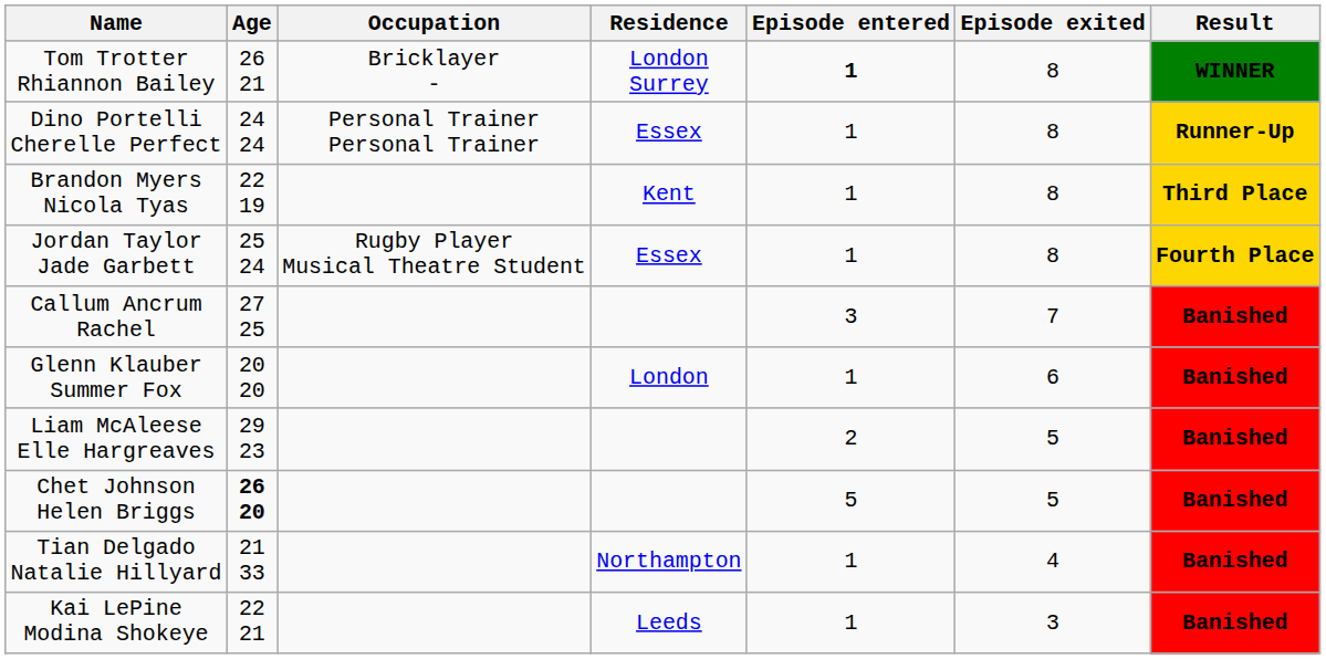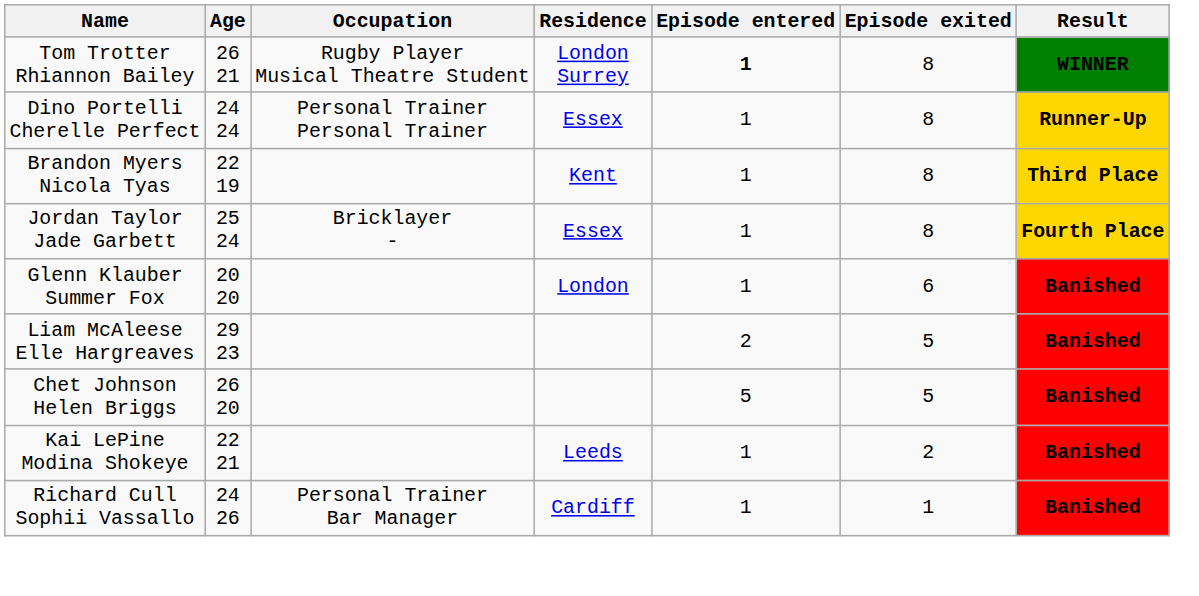 <table class="wikitable sortable" style="text-align:center;">
 <tr>
 <th>Name</th>
 <th>Age</th>
 <th>Occupation</th>
 <th>Residence</th>
 <th>Episode entered</th>
 <th>Episode exited</th>
 <th>Result</th>
 </tr>
 <tr>
 <td>Tom Trotter <br> Rhiannon Bailey</td>
 <td>26 <br> 21</td>
-<td>Bricklayer <br> -</td>
+<td>Rugby Player <br> Musical Theatre Student</td>
 <td><a href='#'>London</a> <br> <a href='#'>Surrey</a></td>
 <td><strong>1</strong></td>
 <td>8</td>
 <td bgcolor="green"><strong>WINNER</strong></td>
 </tr>
 <tr>
 <td>Dino Portelli <br> Cherelle Perfect</td>
 <td>24 <br> 24</td>
 <td>Personal Trainer <br> Personal Trainer</td>
 <td><a href='#'>Essex</a></td>
 <td>1</td>
 <td>8</td>
 <td bgcolor="gold"><strong>Runner-Up</strong></td>
 </tr>
 <tr>
 <td>Brandon Myers <br> Nicola Tyas</td>
 <td>22 <br> 19</td>
 <td></td>
 <td><a href='#'>Kent</a></td>
 <td>1</td>
 <td>8</td>
 <td bgcolor="gold"><strong>Third Place</strong></td>
 </tr>
 <tr>
 <td>Jordan Taylor <br> Jade Garbett</td>
 <td>25 <br> 24</td>
-<td>Rugby Player <br> Musical Theatre Student</td>
+<td>Bricklayer <br> -</td>
 <td><a href='#'>Essex</a></td>
 <td>1</td>
 <td>8</td>
 <td bgcolor="gold"><strong>Fourth Place</strong></td>
-</tr>
-<tr>
-<td>Callum Ancrum <br> Rachel</td>
-<td>27 <br> 25</td>
-<td></td>
-<td></td>
-<td>3</td>
-<td>7</td>
-<td bgcolor="red"><strong>Banished</strong></td>
 </tr>
 <tr>
 <td>Glenn Klauber <br> Summer Fox</td>
 <td>20 <br> 20</td>
 <td></td>
 <td><a href='#'>London</a></td>
 <td>1</td>
 <td>6</td>
 <td bgcolor="red"><strong>Banished</strong></td>
 </tr>
 <tr>
 <td>Liam McAleese <br> Elle Hargreaves</td>
 <td>29 <br> 23</td>
 <td></td>
 <td></td>
 <td>2</td>
 <td>5</td>
 <td bgcolor="red"><strong>Banished</strong></td>
 </tr>
 <tr>
 <td>Chet Johnson <br> Helen Briggs</td>
-<td><strong>26 <br> 20</strong></td>
+<td>26 <br> 20</td>
 <td></td>
 <td></td>
 <td>5</td>
 <td>5</td>
-<td bgcolor="red"><strong>Banished</strong></td>
-</tr>
-<tr>
-<td>Tian Delgado <br> Natalie Hillyard</td>
-<td>21 <br> 33</td>
-<td></td>
-<td><a href='#'>Northampton</a></td>
-<td>1</td>
-<td>4</td>
 <td bgcolor="red"><strong>Banished</strong></td>
 </tr>
 <tr>
 <td>Kai LePine <br> Modina Shokeye</td>
 <td>22 <br> 21</td>
 <td></td>
 <td><a href='#'>Leeds</a></td>
 <td>1</td>
-<td>3</td>
+<td>2</td>
+<td bgcolor="red"><strong>Banished</strong></td>
+</tr>
+<tr>
+<td>Richard Cull <br> Sophii Vassallo</td>
+<td>24 <br> 26</td>
+<td>Personal Trainer <br> Bar Manager</td>
+<td><a href='#'>Cardiff</a></td>
+<td>1</td>
+<td>1</td>
 <td bgcolor="red"><strong>Banished</strong></td>
 </tr>
 </table>
